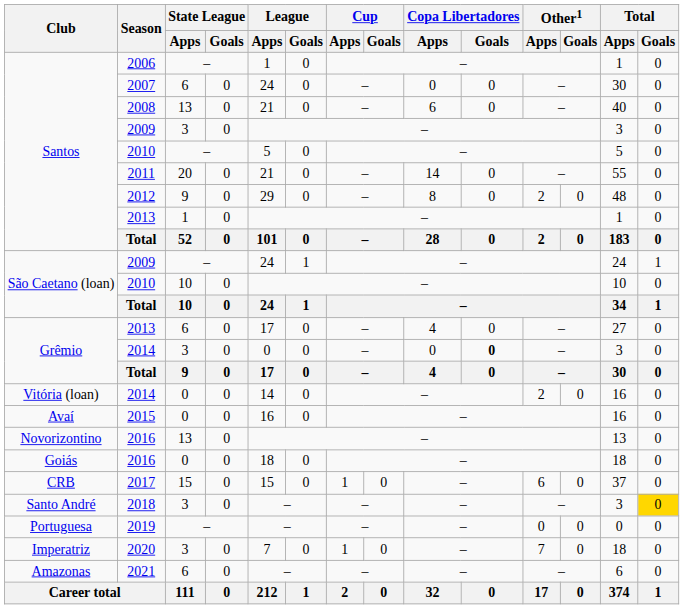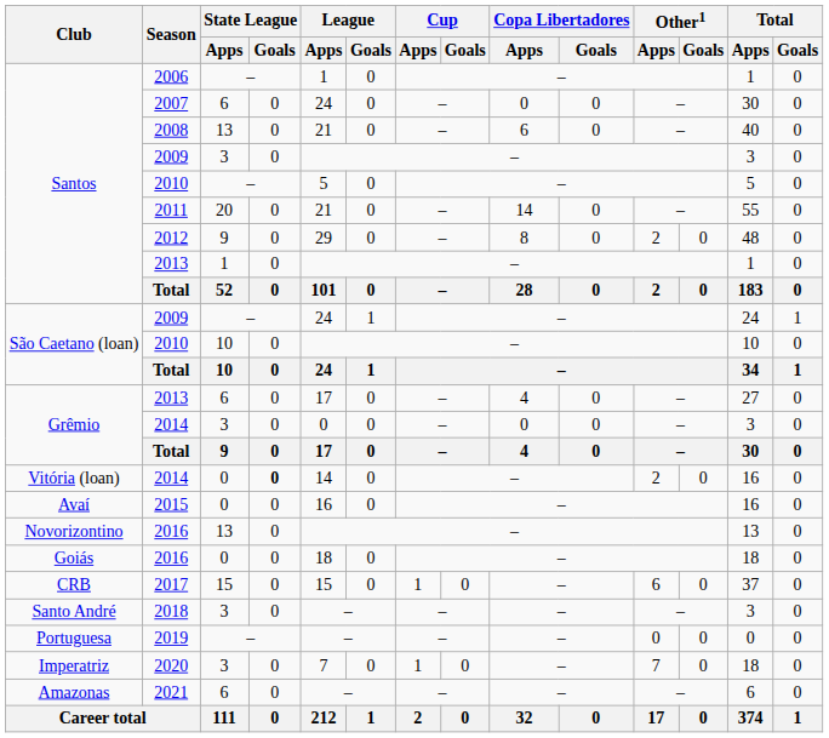 <table class="wikitable" style="text-align: center;">
 <tr>
 <th rowspan="2">Club</th>
 <th rowspan="2">Season</th>
 <th colspan="2">State League</th>
 <th colspan="2">League</th>
 <th colspan="2"><a href='#'>Cup</a></th>
 <th colspan="2"><a href='#'>Copa Libertadores</a></th>
 <th colspan="2">Other<sup>1</sup></th>
 <th colspan="2">Total</th>
 </tr>
 <tr>
 <th>Apps</th>
 <th>Goals</th>
 <th>Apps</th>
 <th>Goals</th>
 <th>Apps</th>
 <th>Goals</th>
 <th>Apps</th>
 <th>Goals</th>
 <th>Apps</th>
 <th>Goals</th>
 <th>Apps</th>
 <th>Goals</th>
 </tr>
 <tr>
 <td rowspan="9" valign="center"><a href='#'>Santos</a></td>
 <td><a href='#'>2006</a></td>
 <td colspan="2">–</td>
 <td>1</td>
 <td>0</td>
 <td colspan="6">–</td>
 <td>1</td>
 <td>0</td>
 </tr>
 <tr>
 <td><a href='#'>2007</a></td>
 <td>6</td>
 <td>0</td>
 <td>24</td>
 <td>0</td>
 <td colspan="2">–</td>
 <td>0</td>
 <td>0</td>
 <td colspan="2">–</td>
 <td>30</td>
 <td>0</td>
 </tr>
 <tr>
 <td><a href='#'>2008</a></td>
 <td>13</td>
 <td>0</td>
 <td>21</td>
 <td>0</td>
 <td colspan="2">–</td>
 <td>6</td>
 <td>0</td>
 <td colspan="2">–</td>
 <td>40</td>
 <td>0</td>
 </tr>
 <tr>
 <td><a href='#'>2009</a></td>
 <td>3</td>
 <td>0</td>
 <td colspan="8">–</td>
 <td>3</td>
 <td>0</td>
 </tr>
 <tr>
 <td><a href='#'>2010</a></td>
 <td colspan="2">–</td>
 <td>5</td>
 <td>0</td>
 <td colspan="6">–</td>
 <td>5</td>
 <td>0</td>
 </tr>
 <tr>
 <td><a href='#'>2011</a></td>
 <td>20</td>
 <td>0</td>
 <td>21</td>
 <td>0</td>
 <td colspan="2">–</td>
 <td>14</td>
 <td>0</td>
 <td colspan="2">–</td>
 <td>55</td>
 <td>0</td>
 </tr>
 <tr>
 <td><a href='#'>2012</a></td>
 <td>9</td>
 <td>0</td>
 <td>29</td>
 <td>0</td>
 <td colspan="2">–</td>
 <td>8</td>
 <td>0</td>
 <td>2</td>
 <td>0</td>
 <td>48</td>
 <td>0</td>
 </tr>
 <tr>
 <td><a href='#'>2013</a></td>
 <td>1</td>
 <td>0</td>
 <td colspan="8">–</td>
 <td>1</td>
 <td>0</td>
 </tr>
 <tr>
 <th><strong>Total</strong></th>
 <th>52</th>
 <th>0</th>
 <th>101</th>
 <th>0</th>
 <th colspan="2">–</th>
 <th>28</th>
 <th>0</th>
 <th>2</th>
 <th>0</th>
 <th>183</th>
 <th>0</th>
 </tr>
 <tr>
 <td rowspan="3" valign="center"><a href='#'>São Caetano</a> (loan)</td>
 <td><a href='#'>2009</a></td>
 <td colspan="2">–</td>
 <td>24</td>
 <td>1</td>
 <td colspan="6">–</td>
 <td>24</td>
 <td>1</td>
 </tr>
 <tr>
 <td><a href='#'>2010</a></td>
 <td>10</td>
 <td>0</td>
 <td colspan="8">–</td>
 <td>10</td>
 <td>0</td>
 </tr>
 <tr>
 <th><strong>Total</strong></th>
 <th>10</th>
 <th>0</th>
 <th>24</th>
 <th>1</th>
 <th colspan="6">–</th>
 <th>34</th>
 <th>1</th>
 </tr>
 <tr>
 <td rowspan="3" valign="center"><a href='#'>Grêmio</a></td>
 <td><a href='#'>2013</a></td>
 <td>6</td>
 <td>0</td>
 <td>17</td>
 <td>0</td>
 <td colspan="2">–</td>
 <td>4</td>
 <td>0</td>
 <td colspan="2">–</td>
 <td>27</td>
 <td>0</td>
 </tr>
 <tr>
 <td><a href='#'>2014</a></td>
 <td>3</td>
 <td>0</td>
 <td>0</td>
 <td>0</td>
 <td colspan="2">–</td>
 <td>0</td>
-<td><strong>0</strong></td>
+<td>0</td>
 <td colspan="2">–</td>
 <td>3</td>
 <td>0</td>
 </tr>
 <tr>
 <th><strong>Total</strong></th>
 <th>9</th>
 <th>0</th>
 <th>17</th>
 <th>0</th>
 <th colspan="2">–</th>
 <th>4</th>
 <th>0</th>
 <th colspan="2">–</th>
 <th>30</th>
 <th>0</th>
 </tr>
 <tr>
 <td valign="center"><a href='#'>Vitória</a> (loan)</td>
 <td><a href='#'>2014</a></td>
 <td>0</td>
-<td>0</td>
+<td><strong>0</strong></td>
 <td>14</td>
 <td>0</td>
 <td colspan="4">–</td>
 <td>2</td>
 <td>0</td>
 <td>16</td>
 <td>0</td>
 </tr>
 <tr>
 <td valign="center"><a href='#'>Avaí</a></td>
 <td><a href='#'>2015</a></td>
 <td>0</td>
 <td>0</td>
 <td>16</td>
 <td>0</td>
 <td colspan="6">–</td>
 <td>16</td>
 <td>0</td>
 </tr>
 <tr>
 <td valign="center"><a href='#'>Novorizontino</a></td>
 <td><a href='#'>2016</a></td>
 <td>13</td>
 <td>0</td>
 <td colspan="8">–</td>
 <td>13</td>
 <td>0</td>
 </tr>
 <tr>
 <td valign="center"><a href='#'>Goiás</a></td>
 <td><a href='#'>2016</a></td>
 <td>0</td>
 <td>0</td>
 <td>18</td>
 <td>0</td>
 <td colspan="6">–</td>
 <td>18</td>
 <td>0</td>
 </tr>
 <tr>
 <td valign="center"><a href='#'>CRB</a></td>
 <td><a href='#'>2017</a></td>
 <td>15</td>
 <td>0</td>
 <td>15</td>
 <td>0</td>
 <td>1</td>
 <td>0</td>
 <td colspan="2">–</td>
 <td>6</td>
 <td>0</td>
 <td>37</td>
 <td>0</td>
 </tr>
 <tr>
 <td valign="center"><a href='#'>Santo André</a></td>
 <td><a href='#'>2018</a></td>
 <td>3</td>
 <td>0</td>
 <td colspan="2">–</td>
 <td colspan="2">–</td>
 <td colspan="2">–</td>
 <td colspan="2">–</td>
 <td>3</td>
-<td style="background: gold;">0</td>
+<td>0</td>
 </tr>
 <tr>
 <td valign="center"><a href='#'>Portuguesa</a></td>
 <td><a href='#'>2019</a></td>
 <td colspan="2">–</td>
 <td colspan="2">–</td>
 <td colspan="2">–</td>
 <td colspan="2">–</td>
 <td>0</td>
 <td>0</td>
 <td>0</td>
 <td>0</td>
 </tr>
 <tr>
 <td valign="center"><a href='#'>Imperatriz</a></td>
 <td><a href='#'>2020</a></td>
 <td>3</td>
 <td>0</td>
 <td>7</td>
 <td>0</td>
 <td>1</td>
 <td>0</td>
 <td colspan="2">–</td>
 <td>7</td>
 <td>0</td>
 <td>18</td>
 <td>0</td>
 </tr>
 <tr>
 <td valign="center"><a href='#'>Amazonas</a></td>
 <td><a href='#'>2021</a></td>
 <td>6</td>
 <td>0</td>
 <td colspan="2">–</td>
 <td colspan="2">–</td>
 <td colspan="2">–</td>
 <td colspan="2">–</td>
 <td>6</td>
 <td>0</td>
 </tr>
 <tr>
 <th colspan="2"><strong>Career total</strong></th>
 <th>111</th>
 <th>0</th>
 <th>212</th>
 <th>1</th>
 <th>2</th>
 <th>0</th>
 <th>32</th>
 <th>0</th>
 <th>17</th>
 <th>0</th>
 <th>374</th>
 <th>1</th>
 </tr>
 </table>
